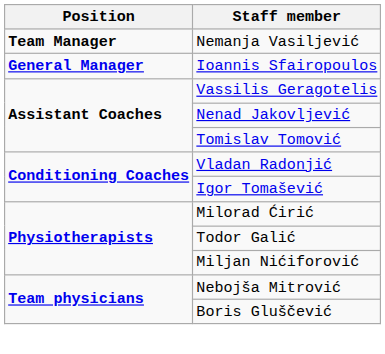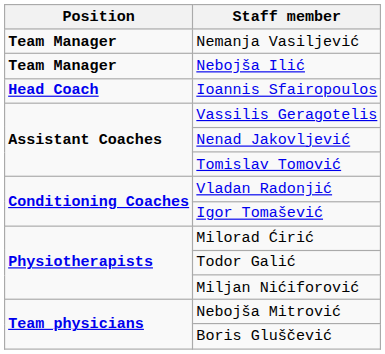 <table class="wikitable">
 <tr>
 <th>Position</th>
 <th>Staff member</th>
 </tr>
 <tr>
 <td><strong>Team Manager</strong></td>
 <td> Nemanja Vasiljević</td>
 </tr>
 <tr>
-<td><strong><a href='#'>General Manager</a></strong></td>
+<td><strong>Team Manager</strong></td>
+<td> <a href='#'>Nebojša Ilić</a></td>
+</tr>
+<tr>
+<td><strong><a href='#'>Head Coach</a></strong></td>
 <td> <a href='#'>Ioannis Sfairopoulos</a></td>
 </tr>
 <tr>
 <td rowspan=3><strong>Assistant Coaches</strong></td>
 <td> <a href='#'>Vassilis Geragotelis</a></td>
 </tr>
 <tr>
 <td> <a href='#'>Nenad Jakovljević</a></td>
 </tr>
 <tr>
 <td> <a href='#'>Tomislav Tomović</a></td>
 </tr>
 <tr>
 <td rowspan=2><strong><a href='#'>Conditioning Coaches</a></strong></td>
 <td> <a href='#'>Vladan Radonjić</a></td>
 </tr>
 <tr>
 <td> <a href='#'>Igor Tomašević</a></td>
 </tr>
 <tr>
 <td rowspan=3><strong><a href='#'>Physiotherapists</a></strong></td>
 <td> Milorad Ćirić</td>
 </tr>
 <tr>
 <td> Todor Galić</td>
 </tr>
 <tr>
 <td> Miljan Nićiforović</td>
 </tr>
 <tr>
 <td rowspan=2><strong><a href='#'>Team physicians</a></strong></td>
 <td> Nebojša Mitrović</td>
 </tr>
 <tr>
 <td> Boris Gluščević</td>
 </tr>
 </table>
